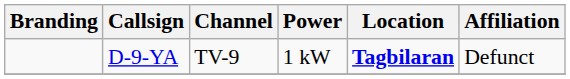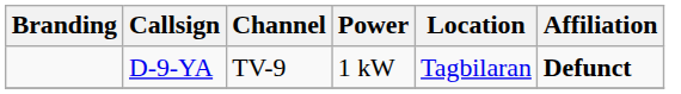 <table class="wikitable">
 <tr>
 <th>Branding</th>
 <th>Callsign</th>
 <th>Channel</th>
 <th>Power</th>
 <th>Location</th>
 <th>Affiliation</th>
 </tr>
 <tr>
 <td></td>
 <td><a href='#'>D-9-YA</a></td>
 <td>TV-9</td>
 <td>1 kW</td>
-<td><strong><a href='#'>Tagbilaran</a></strong></td>
-<td>Defunct</td>
+<td><a href='#'>Tagbilaran</a></td>
+<td><strong>Defunct</strong></td>
 </tr>
 <tr>
 </tr>
 </table>
